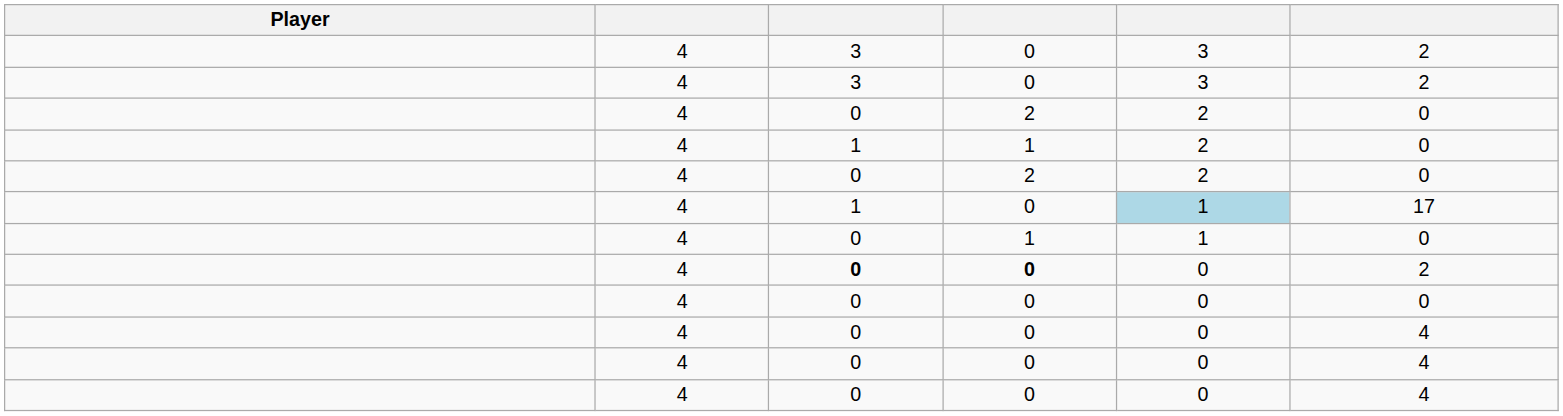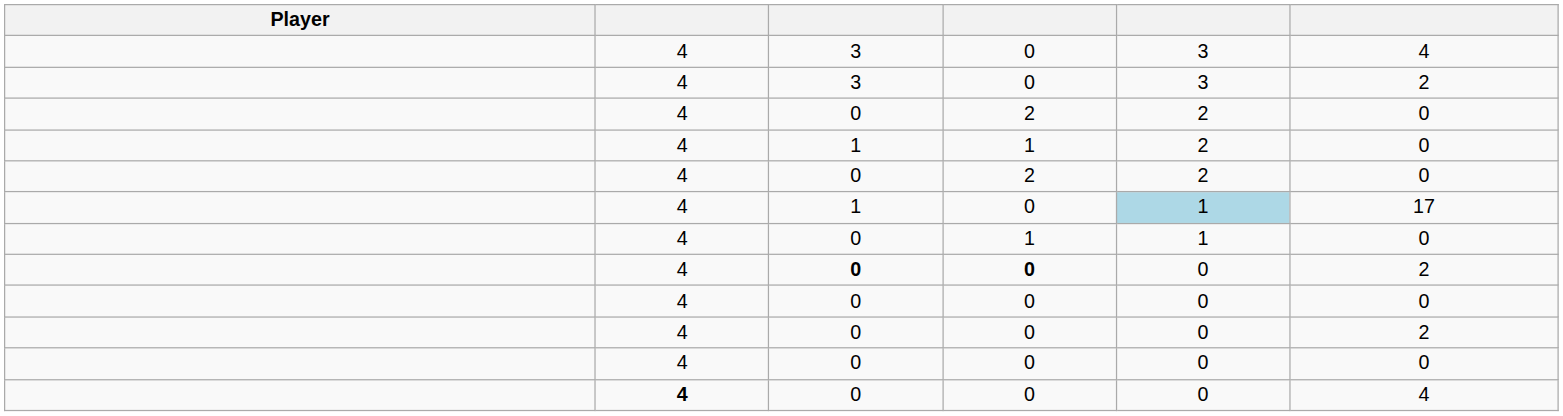 <table class="wikitable sortable" style="width:100%;">
 <tr align=center>
 <th>Player</th>
 <th></th>
 <th></th>
 <th></th>
 <th></th>
 <th></th>
 </tr>
 <tr align=center>
 <td></td>
 <td>4</td>
 <td>3</td>
 <td>0</td>
 <td>3</td>
-<td>2</td>
+<td>4</td>
 </tr>
 <tr align=center>
 <td></td>
 <td>4</td>
 <td>3</td>
 <td>0</td>
 <td>3</td>
 <td>2</td>
 </tr>
 <tr align=center>
 <td></td>
 <td>4</td>
 <td>0</td>
 <td>2</td>
 <td>2</td>
 <td>0</td>
 </tr>
 <tr align=center>
 <td></td>
 <td>4</td>
 <td>1</td>
 <td>1</td>
 <td>2</td>
 <td>0</td>
 </tr>
 <tr align=center>
 <td></td>
 <td>4</td>
 <td>0</td>
 <td>2</td>
 <td>2</td>
 <td>0</td>
 </tr>
 <tr align=center>
 <td></td>
 <td>4</td>
 <td>1</td>
 <td>0</td>
 <td style="background: lightblue;">1</td>
 <td>17</td>
 </tr>
 <tr align=center>
 <td></td>
 <td>4</td>
 <td>0</td>
 <td>1</td>
 <td>1</td>
 <td>0</td>
 </tr>
 <tr align=center>
 <td></td>
 <td>4</td>
 <td><strong>0</strong></td>
 <td><strong>0</strong></td>
 <td>0</td>
 <td>2</td>
 </tr>
 <tr align=center>
 <td></td>
 <td>4</td>
 <td>0</td>
 <td>0</td>
 <td>0</td>
 <td>0</td>
 </tr>
 <tr align=center>
 <td></td>
 <td>4</td>
 <td>0</td>
 <td>0</td>
 <td>0</td>
-<td>4</td>
+<td>2</td>
 </tr>
 <tr align=center>
 <td></td>
 <td>4</td>
 <td>0</td>
 <td>0</td>
 <td>0</td>
-<td>4</td>
+<td>0</td>
 </tr>
 <tr align=center>
 <td></td>
-<td>4</td>
+<td><strong>4</strong></td>
 <td>0</td>
 <td>0</td>
 <td>0</td>
 <td>4</td>
 </tr>
 </table>
